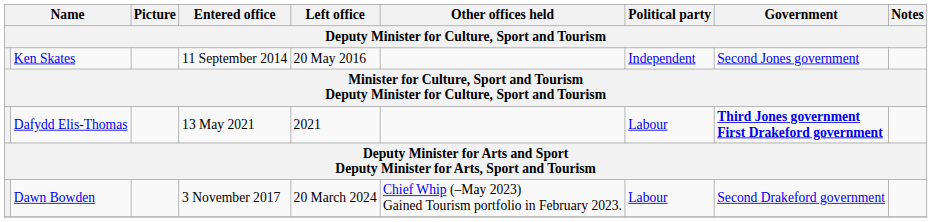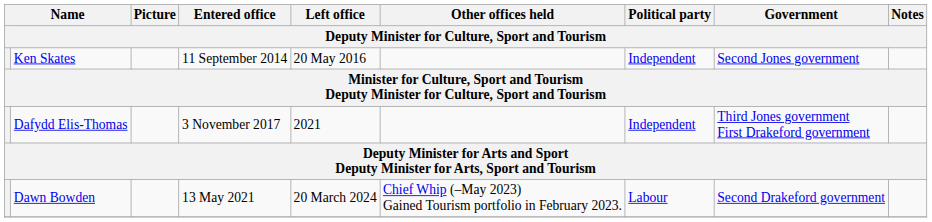 <table class="wikitable">
 <tr>
 <th colspan="2">Name</th>
 <th>Picture</th>
 <th>Entered office</th>
 <th>Left office</th>
 <th>Other offices held</th>
 <th>Political party</th>
 <th>Government</th>
 <th>Notes</th>
 </tr>
 <tr>
 <th colspan="9">Deputy Minister for Culture, Sport and Tourism</th>
 </tr>
 <tr>
 <th style="background-color:"></th>
 <td><a href='#'>Ken Skates</a></td>
 <td></td>
 <td>11 September 2014</td>
 <td>20 May 2016</td>
 <td></td>
 <td><a href='#'>Independent</a></td>
 <td><a href='#'>Second Jones government</a></td>
 <td></td>
 </tr>
 <tr>
 <th colspan="9">Minister for Culture, Sport and Tourism<br>Deputy Minister for Culture, Sport and Tourism</th>
 </tr>
 <tr>
 <th style="background-color:"></th>
 <td><a href='#'>Dafydd Elis-Thomas</a></td>
 <td></td>
-<td>13 May 2021</td>
+<td>3 November 2017</td>
 <td>2021</td>
 <td></td>
-<td><a href='#'>Labour</a></td>
-<td><strong><a href='#'>Third Jones government</a><br><a href='#'>First Drakeford government</a></strong></td>
+<td><a href='#'>Independent</a></td>
+<td><a href='#'>Third Jones government</a><br><a href='#'>First Drakeford government</a></td>
 <td></td>
 </tr>
 <tr>
 <th colspan="9">Deputy Minister for Arts and Sport<br>Deputy Minister for Arts, Sport and Tourism</th>
 </tr>
 <tr>
 <th style="background-color:"></th>
 <td><a href='#'>Dawn Bowden</a></td>
 <td></td>
-<td>3 November 2017</td>
+<td>13 May 2021</td>
 <td>20 March 2024</td>
 <td><a href='#'>Chief Whip</a> (–May 2023)<br>Gained Tourism portfolio in February 2023.</td>
 <td><a href='#'>Labour</a></td>
 <td><a href='#'>Second Drakeford government</a></td>
 <td></td>
 </tr>
 <tr>
 </tr>
 </table>
